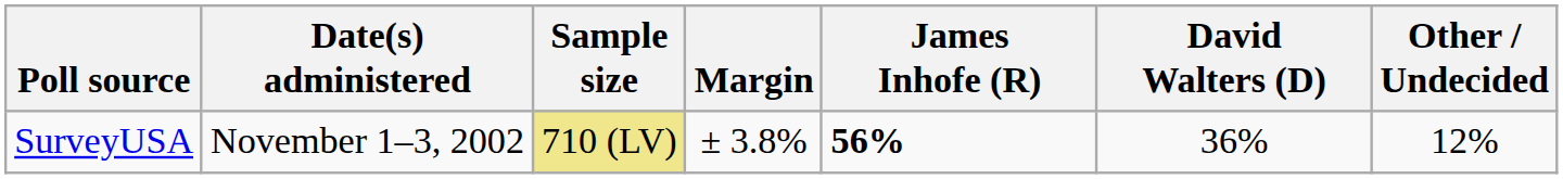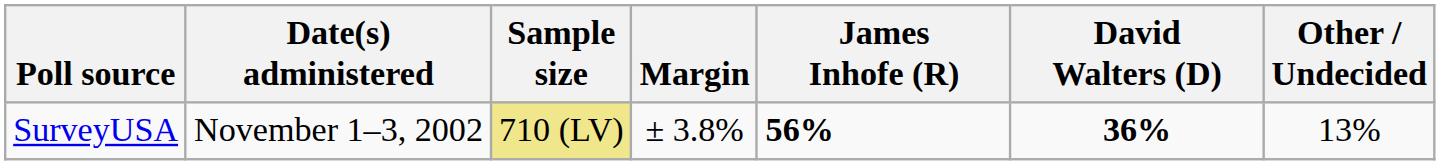 <table class="wikitable" style="font-size:90%">
 <tr valign=bottom>
 <th>Poll source</th>
 <th>Date(s)<br>administered</th>
 <th>Sample<br>size</th>
 <th>Margin<br></th>
 <th style="width:100px;">James<br>Inhofe (R)</th>
 <th style="width:100px;">David<br>Walters (D)</th>
 <th>Other /<br>Undecided</th>
 </tr>
 <tr>
 <td><a href='#'>SurveyUSA</a></td>
 <td align=center>November 1–3, 2002</td>
 <td align=center style="background: khaki;">710 (LV)</td>
 <td align=center>± 3.8%</td>
 <td><strong>56%</strong></td>
-<td align=center>36%</td>
-<td align=center>12%</td>
+<td align=center><strong>36%</strong></td>
+<td align=center>13%</td>
 </tr>
 </table>
